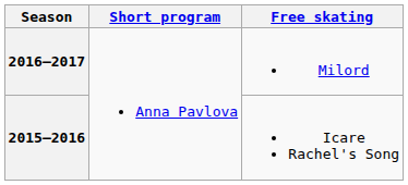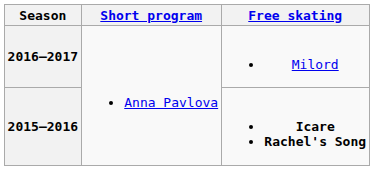 <table class=wikitable style=text-align:center>
 <tr>
 <th>Season</th>
 <th><a href='#'>Short program</a></th>
 <th><a href='#'>Free skating</a></th>
 </tr>
 <tr>
 <th>2016–2017 <br> </th>
 <td rowspan=2><br><ul><li><a href='#'>Anna Pavlova</a> <br> </li></ul></td>
 <td><br><ul><li><a href='#'>Milord</a> <br></li></ul></td>
 </tr>
 <tr>
 <th>2015–2016</th>
-<td><br><ul><li>Icare <br> </li><li>Rachel's Song <br> </li></ul></td>
+<td><strong><br><ul><li>Icare <br> </li><li>Rachel's Song <br> </li></ul></strong></td>
 </tr>
 </table>
